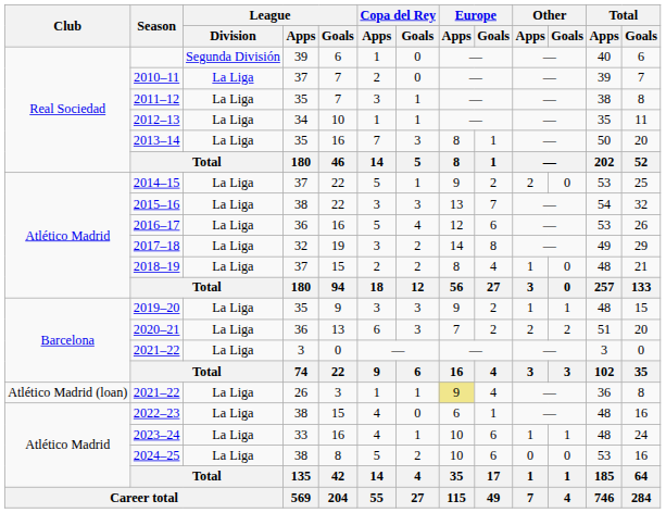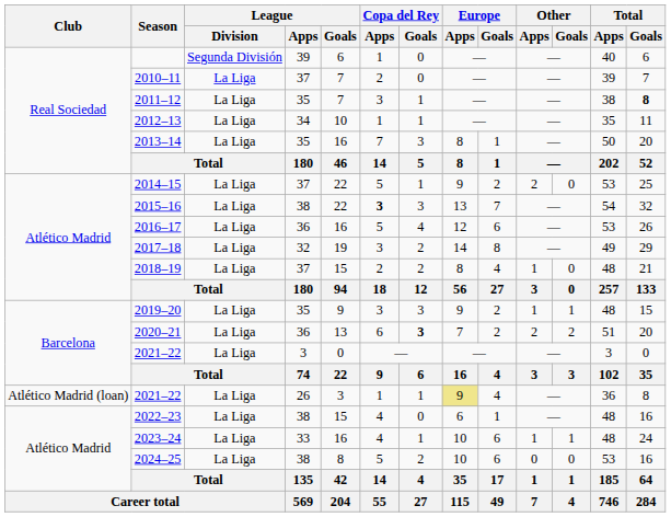 <table class="wikitable" style="text-align: center;">
 <tr>
 <th rowspan=2>Club</th>
 <th rowspan=2>Season</th>
 <th colspan=3>League</th>
 <th colspan=2><a href='#'>Copa del Rey</a></th>
 <th colspan=2><a href='#'>Europe</a></th>
 <th colspan=2>Other</th>
 <th colspan=2>Total</th>
 </tr>
 <tr>
 <th>Division</th>
 <th>Apps</th>
 <th>Goals</th>
 <th>Apps</th>
 <th>Goals</th>
 <th>Apps</th>
 <th>Goals</th>
 <th>Apps</th>
 <th>Goals</th>
 <th>Apps</th>
 <th>Goals</th>
 </tr>
 <tr>
 <td rowspan=6><a href='#'>Real Sociedad</a></td>
 <td></td>
 <td><a href='#'>Segunda División</a></td>
 <td>39</td>
 <td>6</td>
 <td>1</td>
 <td>0</td>
 <td colspan=2>—</td>
 <td colspan=2>—</td>
 <td>40</td>
 <td>6</td>
 </tr>
 <tr>
 <td><a href='#'>2010–11</a></td>
 <td><a href='#'>La Liga</a></td>
 <td>37</td>
 <td>7</td>
 <td>2</td>
 <td>0</td>
 <td colspan=2>—</td>
 <td colspan=2>—</td>
 <td>39</td>
 <td>7</td>
 </tr>
 <tr>
 <td><a href='#'>2011–12</a></td>
 <td>La Liga</td>
 <td>35</td>
 <td>7</td>
 <td>3</td>
 <td>1</td>
 <td colspan=2>—</td>
 <td colspan=2>—</td>
 <td>38</td>
-<td>8</td>
+<td><strong>8</strong></td>
 </tr>
 <tr>
 <td><a href='#'>2012–13</a></td>
 <td>La Liga</td>
 <td>34</td>
 <td>10</td>
 <td>1</td>
 <td>1</td>
 <td colspan=2>—</td>
 <td colspan=2>—</td>
 <td>35</td>
 <td>11</td>
 </tr>
 <tr>
 <td><a href='#'>2013–14</a></td>
 <td>La Liga</td>
 <td>35</td>
 <td>16</td>
 <td>7</td>
 <td>3</td>
 <td>8</td>
 <td>1</td>
 <td colspan=2>—</td>
 <td>50</td>
 <td>20</td>
 </tr>
 <tr>
 <th colspan=2>Total</th>
 <th>180</th>
 <th>46</th>
 <th>14</th>
 <th>5</th>
 <th>8</th>
 <th>1</th>
 <th colspan=2>—</th>
 <th>202</th>
 <th>52</th>
 </tr>
 <tr>
 <td rowspan=6><a href='#'>Atlético Madrid</a></td>
 <td><a href='#'>2014–15</a></td>
 <td>La Liga</td>
 <td>37</td>
 <td>22</td>
 <td>5</td>
 <td>1</td>
 <td>9</td>
 <td>2</td>
 <td>2</td>
 <td>0</td>
 <td>53</td>
 <td>25</td>
 </tr>
 <tr>
 <td><a href='#'>2015–16</a></td>
 <td>La Liga</td>
 <td>38</td>
 <td>22</td>
-<td>3</td>
+<td><strong>3</strong></td>
 <td>3</td>
 <td>13</td>
 <td>7</td>
 <td colspan=2>—</td>
 <td>54</td>
 <td>32</td>
 </tr>
 <tr>
 <td><a href='#'>2016–17</a></td>
 <td>La Liga</td>
 <td>36</td>
 <td>16</td>
 <td>5</td>
 <td>4</td>
 <td>12</td>
 <td>6</td>
 <td colspan=2>—</td>
 <td>53</td>
 <td>26</td>
 </tr>
 <tr>
 <td><a href='#'>2017–18</a></td>
 <td>La Liga</td>
 <td>32</td>
 <td>19</td>
 <td>3</td>
 <td>2</td>
 <td>14</td>
 <td>8</td>
 <td colspan=2>—</td>
 <td>49</td>
 <td>29</td>
 </tr>
 <tr>
 <td><a href='#'>2018–19</a></td>
 <td>La Liga</td>
 <td>37</td>
 <td>15</td>
 <td>2</td>
 <td>2</td>
 <td>8</td>
 <td>4</td>
 <td>1</td>
 <td>0</td>
 <td>48</td>
 <td>21</td>
 </tr>
 <tr>
 <th colspan=2>Total</th>
 <th>180</th>
 <th>94</th>
 <th>18</th>
 <th>12</th>
 <th>56</th>
 <th>27</th>
 <th>3</th>
 <th>0</th>
 <th>257</th>
 <th>133</th>
 </tr>
 <tr>
 <td rowspan=4><a href='#'>Barcelona</a></td>
 <td><a href='#'>2019–20</a></td>
 <td>La Liga</td>
 <td>35</td>
 <td>9</td>
 <td>3</td>
 <td>3</td>
 <td>9</td>
 <td>2</td>
 <td>1</td>
 <td>1</td>
 <td>48</td>
 <td>15</td>
 </tr>
 <tr>
 <td><a href='#'>2020–21</a></td>
 <td>La Liga</td>
 <td>36</td>
 <td>13</td>
 <td>6</td>
-<td>3</td>
+<td><strong>3</strong></td>
 <td>7</td>
 <td>2</td>
 <td>2</td>
 <td>2</td>
 <td>51</td>
 <td>20</td>
 </tr>
 <tr>
 <td><a href='#'>2021–22</a></td>
 <td>La Liga</td>
 <td>3</td>
 <td>0</td>
 <td colspan=2>—</td>
 <td colspan=2>—</td>
 <td colspan=2>—</td>
 <td>3</td>
 <td>0</td>
 </tr>
 <tr>
 <th colspan=2>Total</th>
 <th>74</th>
 <th>22</th>
 <th>9</th>
 <th>6</th>
 <th>16</th>
 <th>4</th>
 <th>3</th>
 <th>3</th>
 <th>102</th>
 <th>35</th>
 </tr>
 <tr>
 <td>Atlético Madrid (loan)</td>
 <td><a href='#'>2021–22</a></td>
 <td>La Liga</td>
 <td>26</td>
 <td>3</td>
 <td>1</td>
 <td>1</td>
 <td style="background: khaki;">9</td>
 <td>4</td>
 <td colspan=2>—</td>
 <td>36</td>
 <td>8</td>
 </tr>
 <tr>
 <td rowspan=4>Atlético Madrid</td>
 <td><a href='#'>2022–23</a></td>
 <td>La Liga</td>
 <td>38</td>
 <td>15</td>
 <td>4</td>
 <td>0</td>
 <td>6</td>
 <td>1</td>
 <td colspan=2>—</td>
 <td>48</td>
 <td>16</td>
 </tr>
 <tr>
 <td><a href='#'>2023–24</a></td>
 <td>La Liga</td>
 <td>33</td>
 <td>16</td>
 <td>4</td>
 <td>1</td>
 <td>10</td>
 <td>6</td>
 <td>1</td>
 <td>1</td>
 <td>48</td>
 <td>24</td>
 </tr>
 <tr>
 <td><a href='#'>2024–25</a></td>
 <td>La Liga</td>
 <td>38</td>
 <td>8</td>
 <td>5</td>
 <td>2</td>
 <td>10</td>
 <td>6</td>
 <td>0</td>
 <td>0</td>
 <td>53</td>
 <td>16</td>
 </tr>
 <tr>
 <th colspan=2>Total</th>
 <th>135</th>
 <th>42</th>
 <th>14</th>
 <th>4</th>
 <th>35</th>
 <th>17</th>
 <th>1</th>
 <th>1</th>
 <th>185</th>
 <th>64</th>
 </tr>
 <tr>
 <th colspan=3>Career total</th>
 <th>569</th>
 <th>204</th>
 <th>55</th>
 <th>27</th>
 <th>115</th>
 <th>49</th>
 <th>7</th>
 <th>4</th>
 <th>746</th>
 <th>284</th>
 </tr>
 </table>
